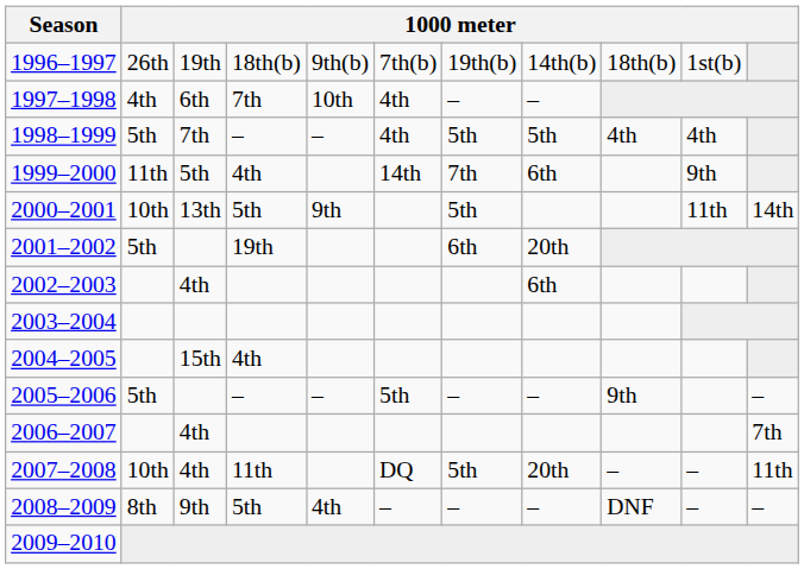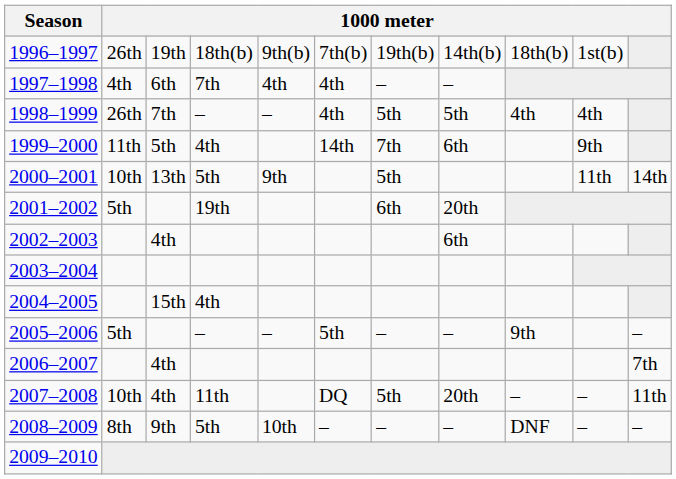 <table class="wikitable" style="display: inline-table;">
 <tr>
 <th>Season</th>
 <th colspan="10">1000 meter</th>
 </tr>
 <tr>
 <td><a href='#'>1996–1997</a></td>
 <td>26th</td>
 <td>19th</td>
 <td>18th(b)</td>
 <td>9th(b)</td>
 <td>7th(b)</td>
 <td>19th(b)</td>
 <td>14th(b)</td>
 <td>18th(b)</td>
 <td>1st(b)</td>
 <td colspan="1" bgcolor=#EEEEEE></td>
 </tr>
 <tr>
 <td><a href='#'>1997–1998</a></td>
 <td>4th</td>
 <td>6th</td>
 <td>7th</td>
-<td>10th</td>
+<td>4th</td>
 <td>4th</td>
 <td>–</td>
 <td>–</td>
 <td colspan="3" bgcolor=#EEEEEE></td>
 </tr>
 <tr>
 <td><a href='#'>1998–1999</a></td>
-<td>5th</td>
+<td>26th</td>
 <td>7th</td>
 <td>–</td>
 <td>–</td>
 <td>4th</td>
 <td>5th</td>
 <td>5th</td>
 <td>4th</td>
 <td>4th</td>
 <td colspan="2" bgcolor=#EEEEEE></td>
 </tr>
 <tr>
 <td><a href='#'>1999–2000</a></td>
 <td>11th</td>
 <td>5th</td>
 <td>4th</td>
 <td></td>
 <td>14th</td>
 <td>7th</td>
 <td>6th</td>
 <td></td>
 <td>9th</td>
 <td colspan="1" bgcolor=#EEEEEE></td>
 </tr>
 <tr>
 <td><a href='#'>2000–2001</a></td>
 <td>10th</td>
 <td>13th</td>
 <td>5th</td>
 <td>9th</td>
 <td></td>
 <td>5th</td>
 <td></td>
 <td></td>
 <td>11th</td>
 <td>14th</td>
 </tr>
 <tr>
 <td><a href='#'>2001–2002</a></td>
 <td>5th</td>
 <td></td>
 <td>19th</td>
 <td></td>
 <td></td>
 <td>6th</td>
 <td>20th</td>
 <td colspan="3" bgcolor=#EEEEEE></td>
 </tr>
 <tr>
 <td><a href='#'>2002–2003</a></td>
 <td></td>
 <td>4th</td>
 <td></td>
 <td></td>
 <td></td>
 <td></td>
 <td>6th</td>
 <td></td>
 <td></td>
 <td colspan="4" bgcolor=#EEEEEE></td>
 </tr>
 <tr>
 <td><a href='#'>2003–2004</a></td>
 <td></td>
 <td></td>
 <td></td>
 <td></td>
 <td></td>
 <td></td>
 <td></td>
 <td></td>
 <td colspan="2" bgcolor=#EEEEEE></td>
 </tr>
 <tr>
 <td><a href='#'>2004–2005</a></td>
 <td></td>
 <td>15th</td>
 <td>4th</td>
 <td></td>
 <td></td>
 <td></td>
 <td></td>
 <td></td>
 <td></td>
 <td colspan="1" bgcolor=#EEEEEE></td>
 </tr>
 <tr>
 <td><a href='#'>2005–2006</a></td>
 <td>5th</td>
 <td></td>
 <td>–</td>
 <td>–</td>
 <td>5th</td>
 <td>–</td>
 <td>–</td>
 <td>9th</td>
 <td></td>
 <td>–</td>
 </tr>
 <tr>
 <td><a href='#'>2006–2007</a></td>
 <td></td>
 <td>4th</td>
 <td></td>
 <td></td>
 <td></td>
 <td></td>
 <td></td>
 <td></td>
 <td></td>
 <td>7th</td>
 </tr>
 <tr>
 <td><a href='#'>2007–2008</a></td>
 <td>10th</td>
 <td>4th </td>
 <td>11th</td>
 <td></td>
 <td>DQ</td>
 <td>5th</td>
 <td>20th</td>
 <td>–</td>
 <td>–</td>
 <td>11th</td>
 </tr>
 <tr>
 <td><a href='#'>2008–2009</a></td>
 <td>8th</td>
 <td>9th</td>
 <td>5th</td>
-<td>4th</td>
+<td>10th</td>
 <td>–</td>
 <td>–</td>
 <td>–</td>
 <td>DNF</td>
 <td>–</td>
 <td>–</td>
 </tr>
 <tr>
 <td><a href='#'>2009–2010</a></td>
 <td colspan="10" bgcolor=#EEEEEE></td>
 </tr>
 </table>
